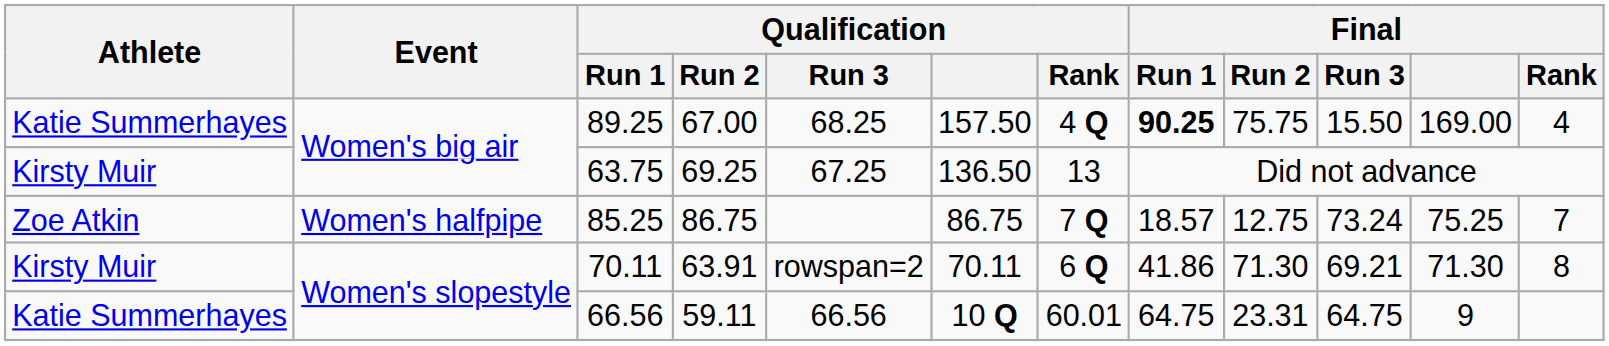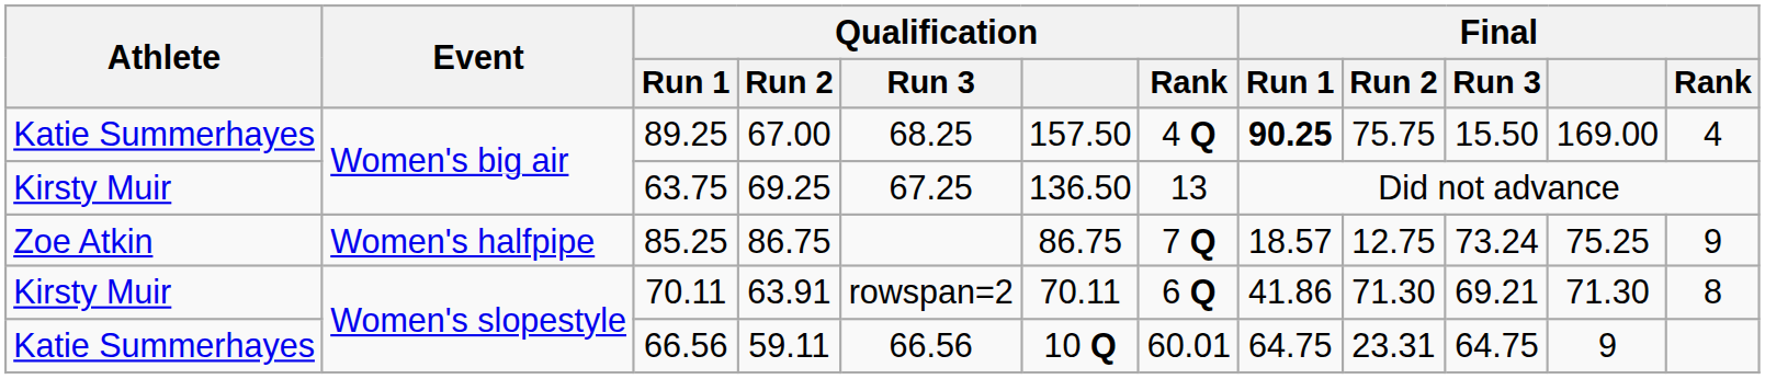 <table class=wikitable style=font-size:90%;text-align:center>
 <tr>
 <th rowspan=2>Athlete</th>
 <th rowspan=2>Event</th>
 <th colspan=5>Qualification</th>
 <th colspan=5>Final</th>
 </tr>
 <tr style=font-size:95%>
 <th>Run 1</th>
 <th>Run 2</th>
 <th>Run 3</th>
 <th></th>
 <th>Rank</th>
 <th>Run 1</th>
 <th>Run 2</th>
 <th>Run 3</th>
 <th></th>
 <th>Rank</th>
 </tr>
 <tr>
 <td align=left><a href='#'>Katie Summerhayes</a></td>
 <td align=left rowspan=2><a href='#'>Women's big air</a></td>
 <td>89.25</td>
 <td>67.00</td>
 <td>68.25</td>
 <td>157.50</td>
 <td>4 <strong>Q</strong></td>
 <td><strong>90.25</strong></td>
 <td>75.75</td>
 <td>15.50</td>
 <td>169.00</td>
 <td>4</td>
 </tr>
 <tr>
 <td align=left><a href='#'>Kirsty Muir</a></td>
 <td>63.75</td>
 <td>69.25</td>
 <td>67.25</td>
 <td>136.50</td>
 <td>13</td>
 <td colspan=5>Did not advance</td>
 </tr>
 <tr>
 <td align=left><a href='#'>Zoe Atkin</a></td>
 <td align=left><a href='#'>Women's halfpipe</a></td>
 <td>85.25</td>
 <td>86.75</td>
 <td></td>
 <td>86.75</td>
 <td>7 <strong>Q</strong></td>
 <td>18.57</td>
 <td>12.75</td>
 <td>73.24</td>
 <td>75.25</td>
-<td>7</td>
+<td>9</td>
 </tr>
 <tr>
 <td align=left><a href='#'>Kirsty Muir</a></td>
 <td align=left rowspan=2><a href='#'>Women's slopestyle</a></td>
 <td>70.11</td>
 <td>63.91</td>
 <td>rowspan=2 </td>
 <td>70.11</td>
 <td>6 <strong>Q</strong></td>
 <td>41.86</td>
 <td>71.30</td>
 <td>69.21</td>
 <td>71.30</td>
 <td>8</td>
 </tr>
 <tr>
 <td align=left><a href='#'>Katie Summerhayes</a></td>
 <td>66.56</td>
 <td>59.11</td>
 <td>66.56</td>
 <td>10 <strong>Q</strong></td>
 <td>60.01</td>
 <td>64.75</td>
 <td>23.31</td>
 <td>64.75</td>
 <td>9</td>
 </tr>
 </table>
